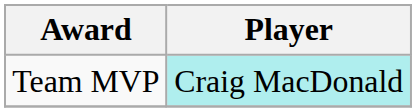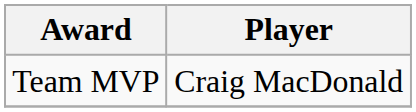 <table class="wikitable">
 <tr>
 <th>Award</th>
 <th>Player</th>
 </tr>
 <tr>
 <td>Team MVP</td>
-<td style="background: paleturquoise;">Craig MacDonald</td>
+<td>Craig MacDonald</td>
 </tr>
 <tr>
 </tr>
 </table>
